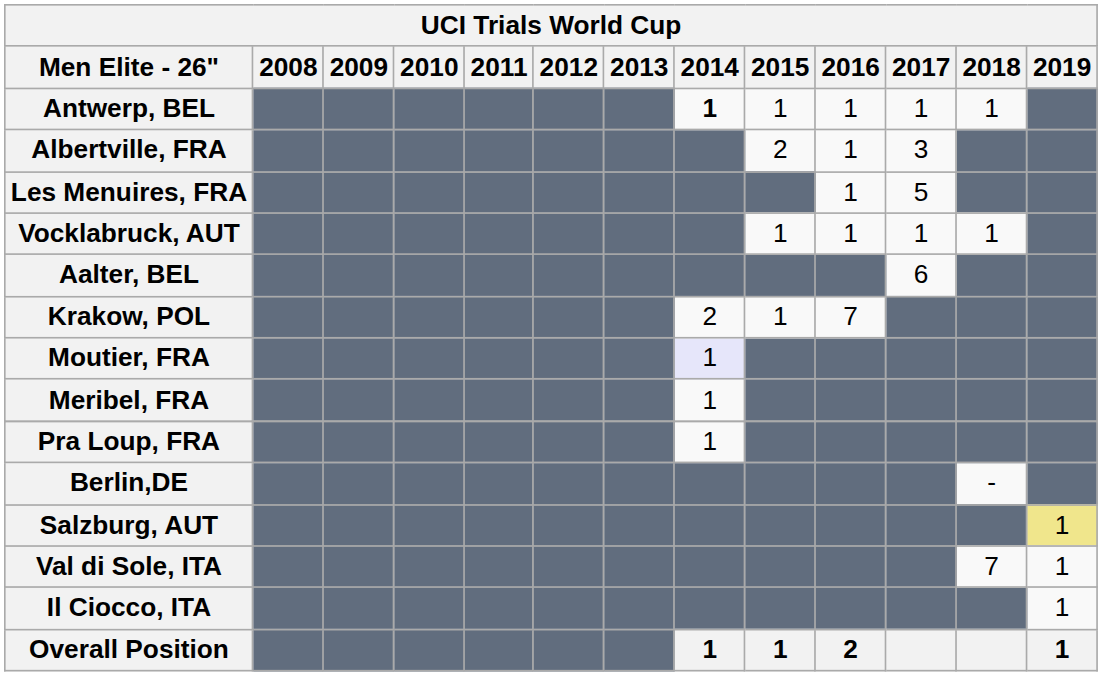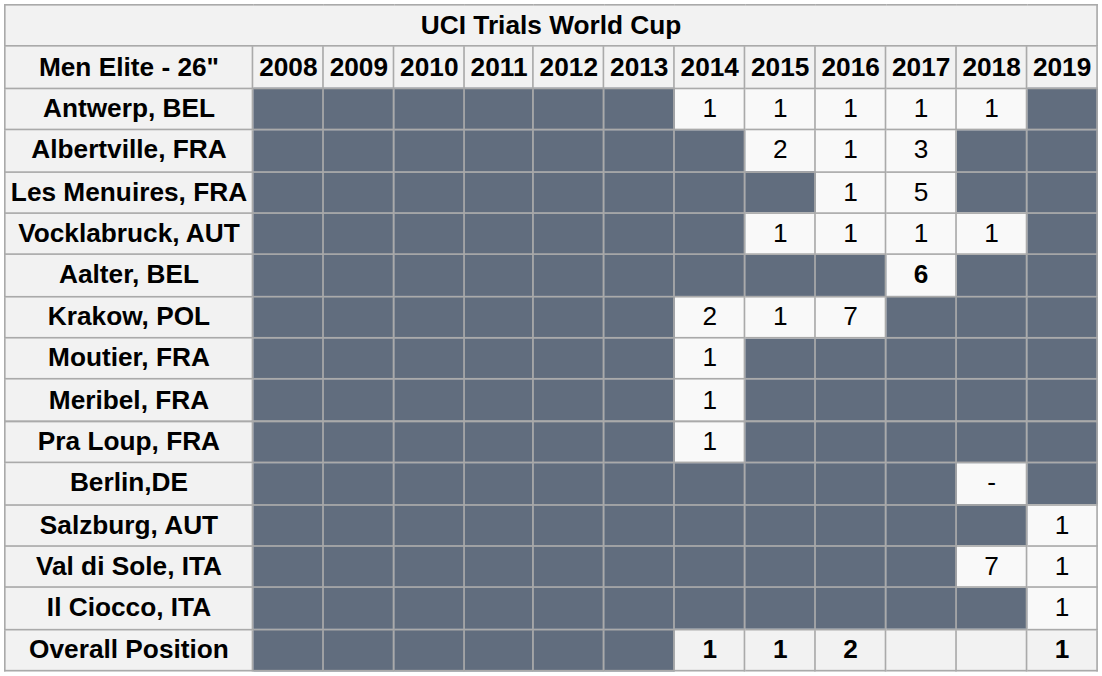 <table class="wikitable plainrowheaders">
 <tr>
 <th colspan="13" scope="col" style="text-align:center;">UCI Trials World Cup</th>
 </tr>
 <tr>
 <th scope="col">Men Elite - 26"</th>
 <th scope="col">2008</th>
 <th scope="col">2009</th>
 <th scope="col">2010</th>
 <th scope="col">2011</th>
 <th scope="col">2012</th>
 <th scope="col">2013</th>
 <th scope="col">2014</th>
 <th scope="col">2015</th>
 <th scope="col">2016</th>
 <th scope="col">2017</th>
 <th>2018</th>
 <th>2019</th>
 </tr>
 <tr style="text-align:center;">
 <th scope="row">Antwerp, BEL</th>
 <td style="background:#616D7E;"></td>
 <td style="background:#616D7E;"></td>
 <td style="background:#616D7E;"></td>
 <td style="background:#616D7E;"></td>
 <td style="background:#616D7E;"></td>
 <td style="background:#616D7E;"></td>
-<td><strong>1</strong></td>
+<td>1</td>
 <td>1</td>
 <td>1</td>
 <td>1</td>
 <td>1</td>
 <td style="background:#616D7E;"></td>
 </tr>
 <tr style="text-align:center;">
 <th scope="row">Albertville, FRA</th>
 <td style="background:#616D7E;"></td>
 <td style="background:#616D7E;"></td>
 <td style="background:#616D7E;"></td>
 <td style="background:#616D7E;"></td>
 <td style="background:#616D7E;"></td>
 <td style="background:#616D7E;"></td>
 <td style="background:#616D7E;"></td>
 <td>2</td>
 <td>1</td>
 <td>3</td>
 <td style="background:#616D7E;"></td>
 <td style="background:#616D7E;"></td>
 </tr>
 <tr style="text-align:center;">
 <th scope="row">Les Menuires, FRA</th>
 <td style="background:#616D7E;"></td>
 <td style="background:#616D7E;"></td>
 <td style="background:#616D7E;"></td>
 <td style="background:#616D7E;"></td>
 <td style="background:#616D7E;"></td>
 <td style="background:#616D7E;"></td>
 <td style="background:#616D7E;"></td>
 <td style="background:#616D7E;"></td>
 <td>1</td>
 <td>5</td>
 <td style="background:#616D7E;"></td>
 <td style="background:#616D7E;"></td>
 </tr>
 <tr style="text-align:center;">
 <th scope="row">Vocklabruck, AUT</th>
 <td style="background:#616D7E;"></td>
 <td style="background:#616D7E;"></td>
 <td style="background:#616D7E;"></td>
 <td style="background:#616D7E;"></td>
 <td style="background:#616D7E;"></td>
 <td style="background:#616D7E;"></td>
 <td style="background:#616D7E;"></td>
 <td>1</td>
 <td>1</td>
 <td>1</td>
 <td>1</td>
 <td style="background:#616D7E;"></td>
 </tr>
 <tr style="text-align:center;">
 <th scope="row">Aalter, BEL</th>
 <td style="background:#616D7E;"></td>
 <td style="background:#616D7E;"></td>
 <td style="background:#616D7E;"></td>
 <td style="background:#616D7E;"></td>
 <td style="background:#616D7E;"></td>
 <td style="background:#616D7E;"></td>
 <td style="background:#616D7E;"></td>
 <td style="background:#616D7E;"></td>
 <td style="background:#616D7E;"></td>
-<td>6</td>
+<td><strong>6</strong></td>
 <td style="background:#616D7E;"></td>
 <td style="background:#616D7E;"></td>
 </tr>
 <tr style="text-align:center;">
 <th scope="row">Krakow, POL</th>
 <td style="background:#616D7E;"></td>
 <td style="background:#616D7E;"></td>
 <td style="background:#616D7E;"></td>
 <td style="background:#616D7E;"></td>
 <td style="background:#616D7E;"></td>
 <td style="background:#616D7E;"></td>
 <td>2</td>
 <td>1</td>
 <td>7</td>
 <td style="background:#616D7E;"></td>
 <td style="background:#616D7E;"></td>
 <td style="background:#616D7E;"></td>
 </tr>
 <tr style="text-align:center;">
 <th scope="row">Moutier, FRA</th>
 <td style="background:#616D7E;"></td>
 <td style="background:#616D7E;"></td>
 <td style="background:#616D7E;"></td>
 <td style="background:#616D7E;"></td>
 <td style="background:#616D7E;"></td>
 <td style="background:#616D7E;"></td>
-<td style="background: lavender;">1</td>
+<td>1</td>
 <td style="background:#616D7E;"></td>
 <td style="background:#616D7E;"></td>
 <td style="background:#616D7E;"></td>
 <td style="background:#616D7E;"></td>
 <td style="background:#616D7E;"></td>
 </tr>
 <tr style="text-align:center;">
 <th scope="row">Meribel, FRA</th>
 <td style="background:#616D7E;"></td>
 <td style="background:#616D7E;"></td>
 <td style="background:#616D7E;"></td>
 <td style="background:#616D7E;"></td>
 <td style="background:#616D7E;"></td>
 <td style="background:#616D7E;"></td>
 <td>1</td>
 <td style="background:#616D7E;"></td>
 <td style="background:#616D7E;"></td>
 <td style="background:#616D7E;"></td>
 <td style="background:#616D7E;"></td>
 <td style="background:#616D7E;"></td>
 </tr>
 <tr>
 </tr>
 <tr style="text-align:center;">
 <th scope="row">Pra Loup, FRA</th>
 <td style="background:#616D7E;"></td>
 <td style="background:#616D7E;"></td>
 <td style="background:#616D7E;"></td>
 <td style="background:#616D7E;"></td>
 <td style="background:#616D7E;"></td>
 <td style="background:#616D7E;"></td>
 <td>1</td>
 <td style="background:#616D7E;"></td>
 <td style="background:#616D7E;"></td>
 <td style="background:#616D7E;"></td>
 <td style="background:#616D7E;"></td>
 <td style="background:#616D7E;"></td>
 </tr>
 <tr style="text-align:center;">
 <th scope="row">Berlin,DE</th>
 <td style="background:#616D7E;"></td>
 <td style="background:#616D7E;"></td>
 <td style="background:#616D7E;"></td>
 <td style="background:#616D7E;"></td>
 <td style="background:#616D7E;"></td>
 <td style="background:#616D7E;"></td>
 <td style="background:#616D7E;"></td>
 <td style="background:#616D7E;"></td>
 <td style="background:#616D7E;"></td>
 <td style="background:#616D7E;"></td>
 <td>-</td>
 <td style="background:#616D7E;"></td>
 </tr>
 <tr style="text-align:center;">
 <th scope="row">Salzburg, AUT</th>
 <td style="background:#616D7E;"></td>
 <td style="background:#616D7E;"></td>
 <td style="background:#616D7E;"></td>
 <td style="background:#616D7E;"></td>
 <td style="background:#616D7E;"></td>
 <td style="background:#616D7E;"></td>
 <td style="background:#616D7E;"></td>
 <td style="background:#616D7E;"></td>
 <td style="background:#616D7E;"></td>
 <td style="background:#616D7E;"></td>
 <td style="background:#616D7E;"></td>
-<td style="background: khaki;">1</td>
+<td>1</td>
 </tr>
 <tr style="text-align:center;">
 <th scope="row">Val di Sole, ITA</th>
 <td style="background:#616D7E;"></td>
 <td style="background:#616D7E;"></td>
 <td style="background:#616D7E;"></td>
 <td style="background:#616D7E;"></td>
 <td style="background:#616D7E;"></td>
 <td style="background:#616D7E;"></td>
 <td style="background:#616D7E;"></td>
 <td style="background:#616D7E;"></td>
 <td style="background:#616D7E;"></td>
 <td style="background:#616D7E;"></td>
 <td>7</td>
 <td>1</td>
 </tr>
 <tr style="text-align:center;">
 <th scope="row">Il Ciocco, ITA</th>
 <td style="background:#616D7E;"></td>
 <td style="background:#616D7E;"></td>
 <td style="background:#616D7E;"></td>
 <td style="background:#616D7E;"></td>
 <td style="background:#616D7E;"></td>
 <td style="background:#616D7E;"></td>
 <td style="background:#616D7E;"></td>
 <td style="background:#616D7E;"></td>
 <td style="background:#616D7E;"></td>
 <td style="background:#616D7E;"></td>
 <td style="background:#616D7E;"></td>
 <td>1</td>
 </tr>
 <tr style="text-align:center;">
 <th scope="row">Overall Position</th>
 <th style="background:#616D7E;"></th>
 <th style="background:#616D7E;"></th>
 <th style="background:#616D7E;"></th>
 <th style="background:#616D7E;"></th>
 <th style="background:#616D7E;"></th>
 <th style="background:#616D7E;"></th>
 <th>1</th>
 <th>1</th>
 <th>2</th>
 <th></th>
 <th></th>
 <th>1</th>
 </tr>
 </table>
